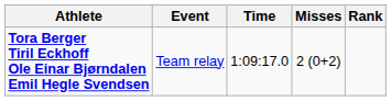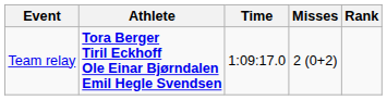 <table class="wikitable" style="font-size:90%">
 <tr>
+<th>Event</th>
 <th>Athlete</th>
-<th>Event</th>
 <th>Time</th>
 <th>Misses</th>
 <th>Rank</th>
 </tr>
 <tr align=center>
+<td align=left><a href='#'>Team relay</a></td>
 <td align=left><strong><a href='#'>Tora Berger</a><br><a href='#'>Tiril Eckhoff</a><br><a href='#'>Ole Einar Bjørndalen</a><br><a href='#'>Emil Hegle Svendsen</a></strong></td>
-<td align=left><a href='#'>Team relay</a></td>
 <td>1:09:17.0</td>
 <td>2 (0+2)</td>
 <td></td>
 </tr>
 </table>
